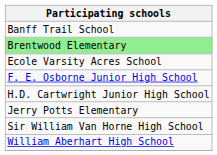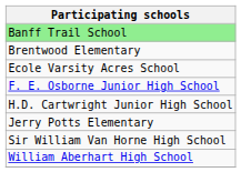 <table class="wikitable" align=right>
 <tr>
 <th>Participating schools</th>
 </tr>
 <tr>
-<td>Banff Trail School</td>
+<td style="background: lightgreen;">Banff Trail School</td>
 </tr>
 <tr>
-<td style="background: lightgreen;">Brentwood Elementary</td>
+<td>Brentwood Elementary</td>
 </tr>
 <tr>
 <td>Ecole Varsity Acres School</td>
 </tr>
 <tr>
 <td><a href='#'>F. E. Osborne Junior High School</a></td>
 </tr>
 <tr>
 <td>H.D. Cartwright Junior High School</td>
 </tr>
 <tr>
 <td>Jerry Potts Elementary</td>
 </tr>
 <tr>
 <td>Sir William Van Horne High School</td>
 </tr>
 <tr>
 <td><a href='#'>William Aberhart High School</a></td>
 </tr>
 <tr>
 </tr>
 </table>
